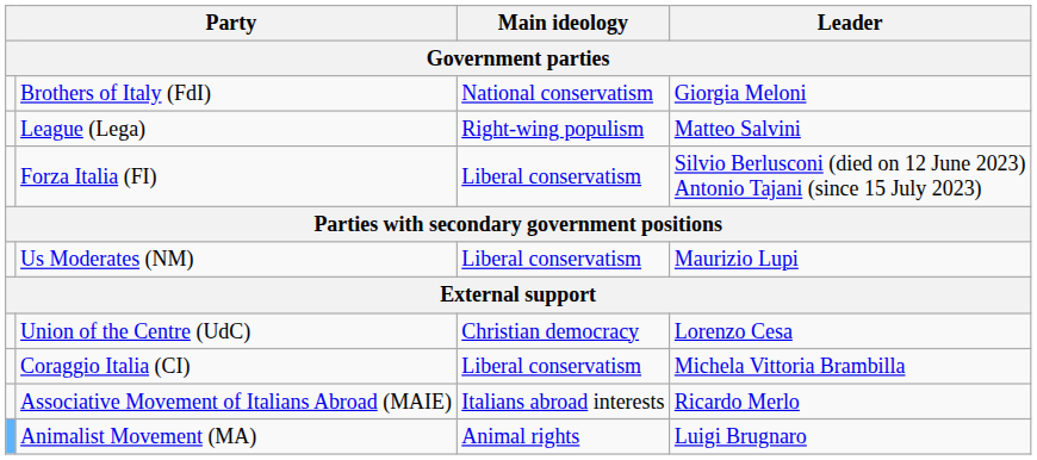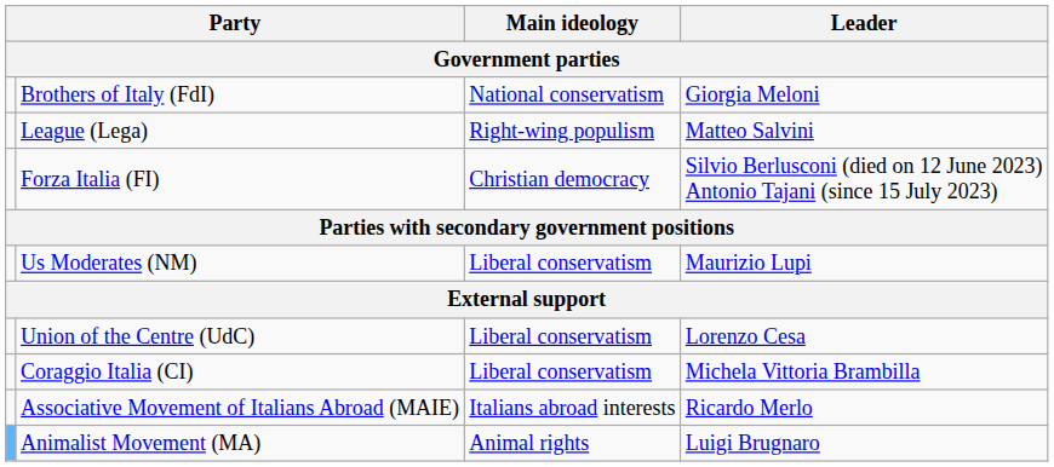 <table class="wikitable" style="font-size:95%">
 <tr>
 <th colspan=2>Party</th>
 <th>Main ideology</th>
 <th>Leader</th>
 </tr>
 <tr>
 <th colspan=5>Government parties</th>
 </tr>
 <tr>
 <td style="color:inherit;background:"></td>
 <td><a href='#'>Brothers of Italy</a> (FdI)</td>
 <td><a href='#'>National conservatism</a></td>
 <td><a href='#'>Giorgia Meloni</a></td>
 </tr>
 <tr>
 <td style="color:inherit;background:"></td>
 <td><a href='#'>League</a> (Lega)</td>
 <td><a href='#'>Right-wing populism</a></td>
 <td><a href='#'>Matteo Salvini</a></td>
 </tr>
 <tr>
 <td style="color:inherit;background:"></td>
 <td><a href='#'>Forza Italia</a> (FI)</td>
-<td><a href='#'>Liberal conservatism</a></td>
+<td><a href='#'>Christian democracy</a></td>
 <td><a href='#'>Silvio Berlusconi</a> (died on 12 June 2023)<br><a href='#'>Antonio Tajani</a> (since 15 July 2023)</td>
 </tr>
 <tr>
 <th colspan=5>Parties with secondary government positions</th>
 </tr>
 <tr>
 <td style="color:inherit;background:"></td>
 <td><a href='#'>Us Moderates</a> (NM)</td>
 <td><a href='#'>Liberal conservatism</a></td>
 <td><a href='#'>Maurizio Lupi</a></td>
 </tr>
 <tr>
 <th colspan=5>External support</th>
 </tr>
 <tr>
 <td style="color:inherit;background:"></td>
 <td><a href='#'>Union of the Centre</a> (UdC)</td>
-<td><a href='#'>Christian democracy</a></td>
+<td><a href='#'>Liberal conservatism</a></td>
 <td><a href='#'>Lorenzo Cesa</a></td>
 </tr>
 <tr>
 <td style="color:inherit;background:"></td>
 <td><a href='#'>Coraggio Italia</a> (CI)</td>
 <td><a href='#'>Liberal conservatism</a></td>
 <td><a href='#'>Michela Vittoria Brambilla</a></td>
 </tr>
 <tr>
 <td style="color:inherit;background:"></td>
 <td><a href='#'>Associative Movement of Italians Abroad</a> (MAIE)</td>
 <td><a href='#'>Italians abroad</a> interests</td>
 <td><a href='#'>Ricardo Merlo</a></td>
 </tr>
 <tr>
 <td style="color:inherit;background:#5CB3FF"></td>
 <td><a href='#'>Animalist Movement</a> (MA)</td>
 <td><a href='#'>Animal rights</a></td>
 <td><a href='#'>Luigi Brugnaro</a></td>
 </tr>
 </table>
